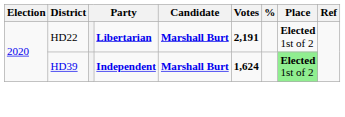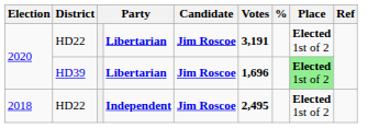 <table class="wikitable sortable">
 <tr>
 <th>Election</th>
 <th>District</th>
 <th colspan=2>Party</th>
 <th>Candidate</th>
 <th>Votes</th>
 <th>%</th>
 <th>Place</th>
 <th>Ref</th>
 </tr>
 <tr>
 <td rowspan=2><a href='#'>2020</a></td>
 <td>HD22</td>
 <th style="background-color:"></th>
 <td><strong><a href='#'>Libertarian</a></strong></td>
-<td align="center"><strong><a href='#'>Marshall Burt</a></strong></td>
-<td><strong>2,191</strong></td>
+<td align="center"><strong><a href='#'>Jim Roscoe</a></strong></td>
+<td><strong>3,191</strong></td>
 <td></td>
 <td><strong>Elected</strong><br>1st of 2</td>
 <td rowspan=2></td>
 </tr>
 <tr>
 <td><a href='#'>HD39</a></td>
 <th style="background-color:"></th>
-<td><strong><a href='#'>Independent</a></strong></td>
-<td align="center"><strong><a href='#'>Marshall Burt</a></strong></td>
-<td><strong>1,624</strong></td>
+<td><strong><a href='#'>Libertarian</a></strong></td>
+<td align="center"><strong><a href='#'>Jim Roscoe</a></strong></td>
+<td><strong>1,696</strong></td>
 <td></td>
 <td style="background: lightgreen;"><strong>Elected</strong><br>1st of 2</td>
 </tr>
+<tr>
+<td><a href='#'>2018</a></td>
+<td>HD22</td>
+<th style="background-color:"></th>
+<td><strong><a href='#'>Independent</a></strong></td>
+<td align="center"><strong><a href='#'>Jim Roscoe</a></strong></td>
+<td><strong>2,495</strong></td>
+<td></td>
+<td><strong>Elected</strong><br>1st of 2</td>
+<td></td>
+</tr>
 </table>
